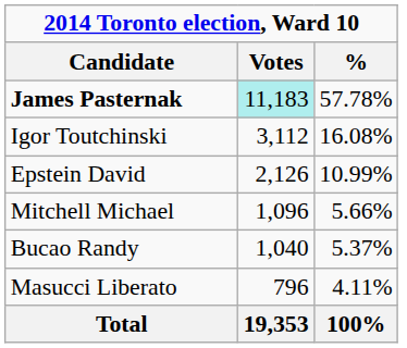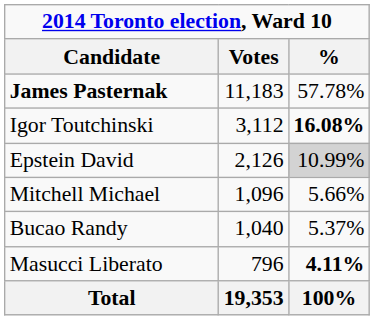 <table class="wikitable">
 <tr>
 <td Colspan="3" align="center"><strong><a href='#'>2014 Toronto election</a>, Ward 10</strong></td>
 </tr>
 <tr>
 <th bgcolor="#DDDDFF" width="150px">Candidate</th>
 <th bgcolor="#DDDDFF">Votes</th>
 <th bgcolor="#DDDDFF">%</th>
 </tr>
 <tr>
 <td><strong>James Pasternak</strong></td>
-<td align=right style="background: paleturquoise;">11,183</td>
+<td align=right>11,183</td>
 <td align=right>57.78%</td>
 </tr>
 <tr>
 <td>Igor Toutchinski</td>
 <td align=right>3,112</td>
-<td align=right>16.08%</td>
+<td align=right><strong>16.08%</strong></td>
 </tr>
 <tr>
 <td>Epstein David</td>
 <td align=right>2,126</td>
-<td align=right>10.99%</td>
+<td align=right style="background: lightgrey;">10.99%</td>
 </tr>
 <tr>
 <td>Mitchell Michael</td>
 <td align=right>1,096</td>
 <td align=right>5.66%</td>
 </tr>
 <tr>
 <td>Bucao Randy</td>
 <td align=right>1,040</td>
 <td align=right>5.37%</td>
 </tr>
 <tr>
 <td>Masucci Liberato</td>
 <td align=right>796</td>
-<td align=right>4.11%</td>
+<td align=right><strong>4.11%</strong></td>
 </tr>
 <tr>
 <th>Total</th>
 <th align=right>19,353</th>
 <th align=right>100%</th>
 </tr>
 </table>
